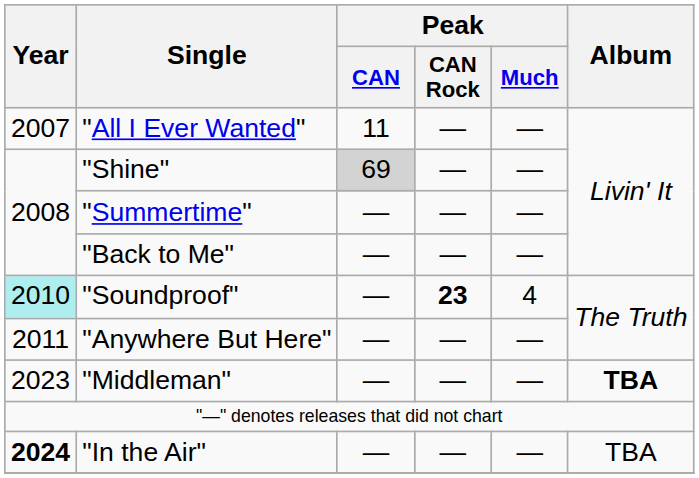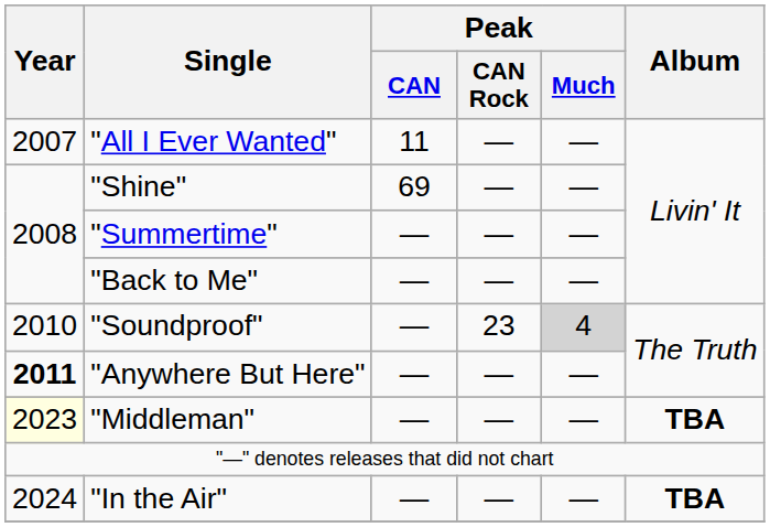 <table class="wikitable" style="text-align:center;">
 <tr>
 <th rowspan="2">Year</th>
 <th rowspan="2">Single</th>
 <th colspan="3">Peak</th>
 <th rowspan="2">Album</th>
 </tr>
 <tr style="font-size:smaller;">
 <th width="40"><a href='#'>CAN</a></th>
 <th width="40">CAN<br>Rock</th>
 <th width="40"><a href='#'>Much</a></th>
 </tr>
 <tr>
 <td>2007</td>
 <td align="left">"<a href='#'>All I Ever Wanted</a>"</td>
 <td>11</td>
 <td>—</td>
 <td>—</td>
 <td rowspan="4"><em>Livin' It</em></td>
 </tr>
 <tr>
 <td rowspan="3">2008</td>
 <td align="left">"Shine"</td>
-<td style="background: lightgrey;">69</td>
+<td>69</td>
 <td>—</td>
 <td>—</td>
 </tr>
 <tr>
 <td align="left">"<a href='#'>Summertime</a>"</td>
 <td>—</td>
 <td>—</td>
 <td>—</td>
 </tr>
 <tr>
 <td align="left">"Back to Me"</td>
 <td>—</td>
 <td>—</td>
 <td>—</td>
 </tr>
 <tr>
-<td style="background: paleturquoise;">2010</td>
+<td>2010</td>
 <td align="left">"Soundproof"</td>
 <td>—</td>
-<td><strong>23</strong></td>
-<td>4</td>
+<td>23</td>
+<td style="background: lightgrey;">4</td>
 <td rowspan="2"><em>The Truth</em></td>
 </tr>
 <tr>
-<td>2011</td>
+<td><strong>2011</strong></td>
 <td align="left">"Anywhere But Here"</td>
 <td>—</td>
 <td>—</td>
 <td>—</td>
 </tr>
 <tr>
-<td>2023</td>
+<td style="background: lightyellow;">2023</td>
 <td align="left">"Middleman"</td>
 <td>—</td>
 <td>—</td>
 <td>—</td>
 <td><strong>TBA</strong></td>
 </tr>
 <tr>
 <td colspan="10" style="font-size:8pt">"—" denotes releases that did not chart</td>
 </tr>
 <tr>
-<td><strong>2024</strong></td>
+<td>2024</td>
 <td align="left">"In the Air"</td>
 <td>—</td>
 <td>—</td>
 <td>—</td>
-<td>TBA</td>
+<td><strong>TBA</strong></td>
 </tr>
 <tr>
 </tr>
 </table>
